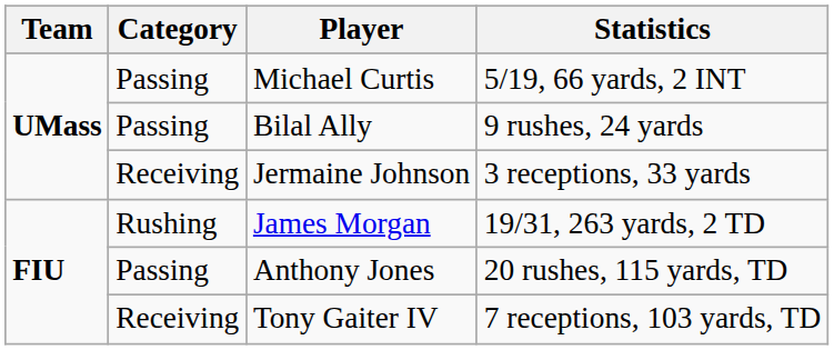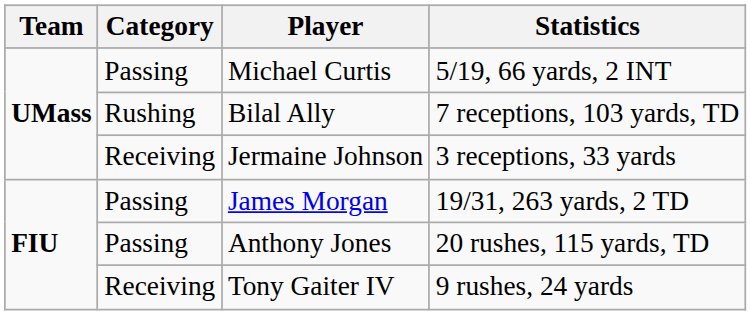 <table class="wikitable" style="float: left;">
 <tr>
 <th>Team</th>
 <th>Category</th>
 <th>Player</th>
 <th>Statistics</th>
 </tr>
 <tr>
 <td rowspan=3><strong>UMass</strong></td>
 <td>Passing</td>
 <td>Michael Curtis</td>
 <td>5/19, 66 yards, 2 INT</td>
 </tr>
 <tr>
-<td>Passing</td>
+<td>Rushing</td>
 <td>Bilal Ally</td>
-<td>9 rushes, 24 yards</td>
+<td>7 receptions, 103 yards, TD</td>
 </tr>
 <tr>
 <td>Receiving</td>
 <td>Jermaine Johnson</td>
 <td>3 receptions, 33 yards</td>
 </tr>
 <tr>
 <td rowspan=3><strong>FIU</strong></td>
-<td>Rushing</td>
+<td>Passing</td>
 <td><a href='#'>James Morgan</a></td>
 <td>19/31, 263 yards, 2 TD</td>
 </tr>
 <tr>
 <td>Passing</td>
 <td>Anthony Jones</td>
 <td>20 rushes, 115 yards, TD</td>
 </tr>
 <tr>
 <td>Receiving</td>
 <td>Tony Gaiter IV</td>
-<td>7 receptions, 103 yards, TD</td>
+<td>9 rushes, 24 yards</td>
 </tr>
 </table>
